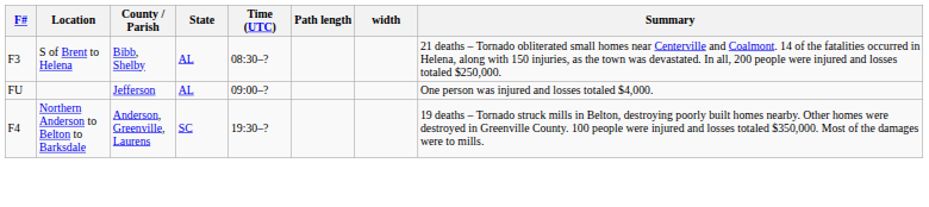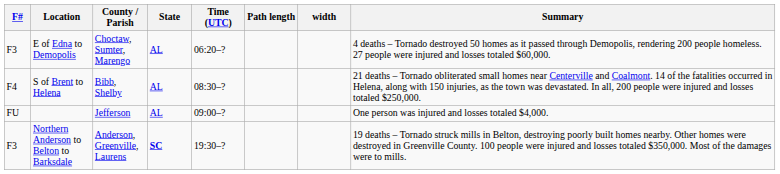 <table class="wikitable sortable" style="width:100%;">
 <tr>
 <th scope="col"  style="width:3%; text-align:center;"><a href='#'>F#</a></th>
 <th scope="col"  style="width:7%; text-align:center;" class="unsortable">Location</th>
 <th scope="col"  style="width:6%; text-align:center;" class="unsortable">County / Parish</th>
 <th scope="col"  style="width:5%; text-align:center;">State</th>
 <th scope="col"  style="width:6%; text-align:center;">Time (<a href='#'>UTC</a>)</th>
 <th scope="col"  style="width:6%; text-align:center;">Path length</th>
 <th scope="col"  style="width:6%; text-align:center;"> width</th>
 <th scope="col" class="unsortable" style="width:48%; text-align:center;">Summary</th>
 </tr>
 <tr>
 <td>F3</td>
+<td>E of <a href='#'>Edna</a> to <a href='#'>Demopolis</a></td>
+<td><a href='#'>Choctaw</a>, <a href='#'>Sumter</a>, <a href='#'>Marengo</a></td>
+<td><a href='#'>AL</a></td>
+<td>06:20–?</td>
+<td></td>
+<td></td>
+<td>4 deaths – Tornado destroyed 50 homes as it passed through Demopolis, rendering 200 people homeless. 27 people were injured and losses totaled $60,000.</td>
+</tr>
+<tr>
+<td>F4</td>
 <td>S of <a href='#'>Brent</a> to <a href='#'>Helena</a></td>
 <td><a href='#'>Bibb</a>, <a href='#'>Shelby</a></td>
 <td><a href='#'>AL</a></td>
 <td>08:30–?</td>
 <td></td>
 <td></td>
 <td>21 deaths – Tornado obliterated small homes near <a href='#'>Centerville</a> and <a href='#'>Coalmont</a>. 14 of the fatalities occurred in Helena, along with 150 injuries, as the town was devastated. In all, 200 people were injured and losses totaled $250,000.</td>
 </tr>
 <tr>
 <td>FU</td>
 <td></td>
 <td><a href='#'>Jefferson</a></td>
 <td><a href='#'>AL</a></td>
 <td>09:00–?</td>
 <td></td>
 <td></td>
 <td>One person was injured and losses totaled $4,000.</td>
 </tr>
 <tr>
-<td>F4</td>
+<td>F3</td>
 <td><a href='#'>Northern Anderson</a> to <a href='#'>Belton</a> to <a href='#'>Barksdale</a></td>
 <td><a href='#'>Anderson</a>, <a href='#'>Greenville</a>, <a href='#'>Laurens</a></td>
-<td><a href='#'>SC</a></td>
+<td><strong><a href='#'>SC</a></strong></td>
 <td>19:30–?</td>
 <td></td>
 <td></td>
 <td>19 deaths – Tornado struck mills in Belton, destroying poorly built homes nearby. Other homes were destroyed in Greenville County. 100 people were injured and losses totaled $350,000. Most of the damages were to mills.</td>
 </tr>
 </table>
